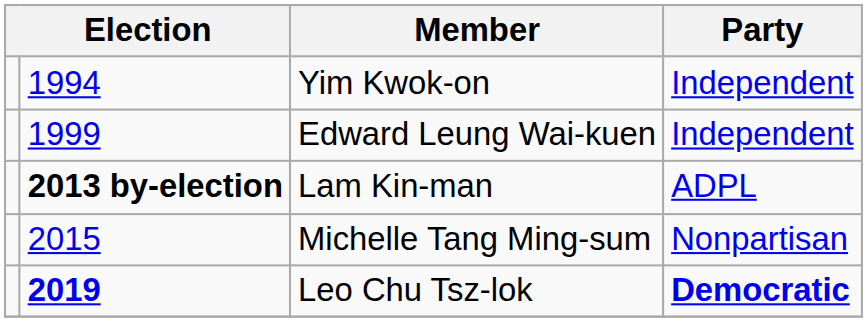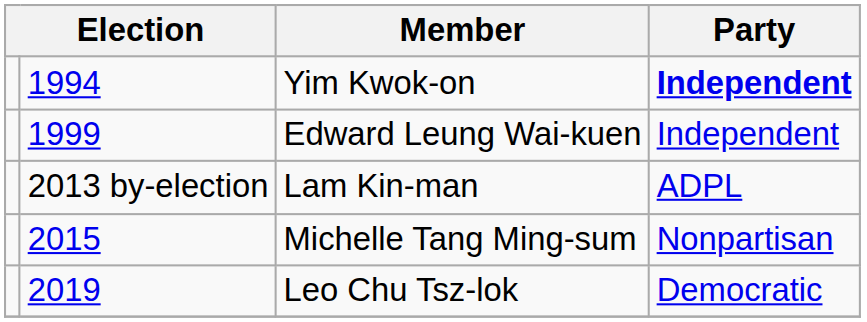 <table class="wikitable">
 <tr>
 <th colspan="2">Election</th>
 <th>Member</th>
 <th>Party</th>
 </tr>
 <tr>
 <td style="background-color: "></td>
 <td><a href='#'>1994</a></td>
 <td>Yim Kwok-on</td>
-<td><a href='#'>Independent</a></td>
+<td><strong><a href='#'>Independent</a></strong></td>
 </tr>
 <tr>
 <td style="background-color: "></td>
 <td><a href='#'>1999</a></td>
 <td>Edward Leung Wai-kuen</td>
 <td><a href='#'>Independent</a></td>
 </tr>
 <tr>
 <td style="background-color: "></td>
-<td><strong>2013 by-election</strong></td>
+<td>2013 by-election</td>
 <td>Lam Kin-man</td>
 <td><a href='#'>ADPL</a></td>
 </tr>
 <tr>
 <td style="background-color:"></td>
 <td><a href='#'>2015</a></td>
 <td>Michelle Tang Ming-sum</td>
 <td><a href='#'>Nonpartisan</a></td>
 </tr>
 <tr>
 <td style="background-color:"></td>
-<td><strong><a href='#'>2019</a></strong></td>
+<td><a href='#'>2019</a></td>
 <td>Leo Chu Tsz-lok</td>
-<td><strong><a href='#'>Democratic</a></strong></td>
+<td><a href='#'>Democratic</a></td>
 </tr>
 <tr>
 </tr>
 </table>
